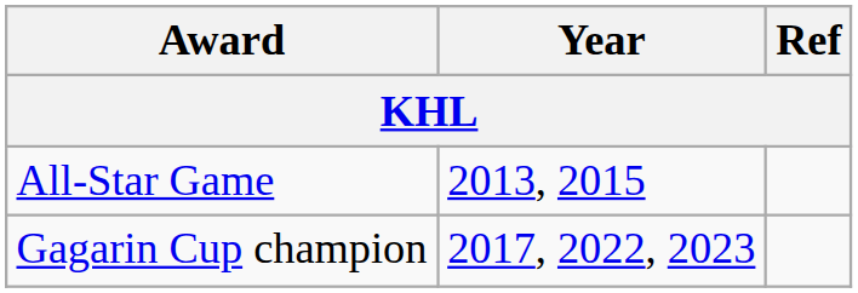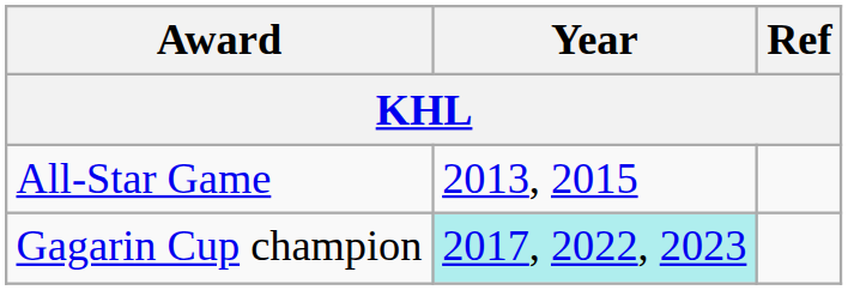 <table class="wikitable">
 <tr>
 <th>Award</th>
 <th>Year</th>
 <th>Ref</th>
 </tr>
 <tr>
 <th colspan="3"><a href='#'>KHL</a></th>
 </tr>
 <tr>
 <td><a href='#'>All-Star Game</a></td>
 <td><a href='#'>2013</a>, <a href='#'>2015</a></td>
 <td></td>
 </tr>
 <tr>
 <td><a href='#'>Gagarin Cup</a> champion</td>
-<td><a href='#'>2017</a>, <a href='#'>2022</a>, <a href='#'>2023</a></td>
+<td style="background: paleturquoise;"><a href='#'>2017</a>, <a href='#'>2022</a>, <a href='#'>2023</a></td>
 <td></td>
 </tr>
 </table>
